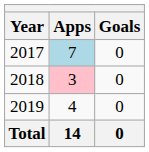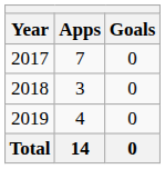 <table class="wikitable" style="text-align:center">
 <tr>
 <th colspan=3></th>
 </tr>
 <tr>
 <th>Year</th>
 <th>Apps</th>
 <th>Goals</th>
 </tr>
 <tr>
 <td>2017</td>
-<td style="background: lightblue;">7</td>
+<td>7</td>
 <td>0</td>
 </tr>
 <tr>
 <td>2018</td>
-<td style="background: pink;">3</td>
+<td>3</td>
 <td>0</td>
 </tr>
 <tr>
 <td>2019</td>
 <td>4</td>
 <td>0</td>
 </tr>
 <tr>
 <th>Total</th>
 <th>14</th>
 <th>0</th>
 </tr>
 </table>
